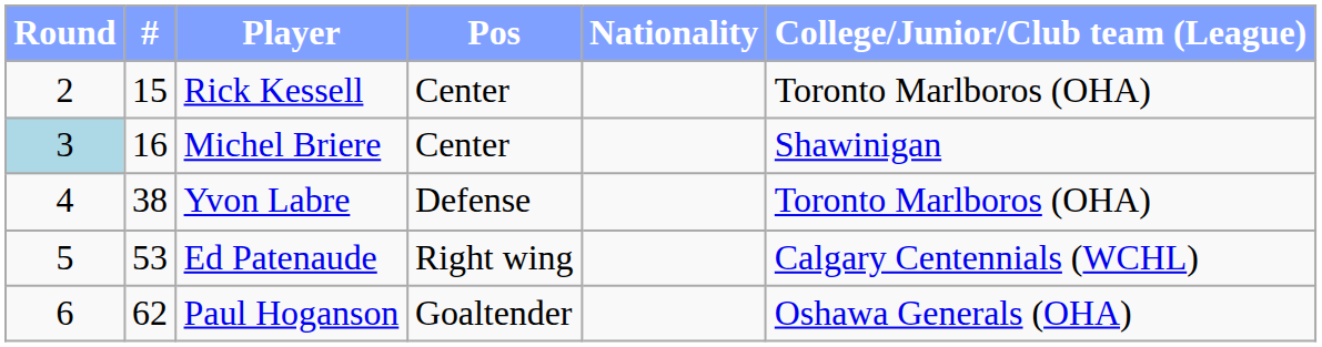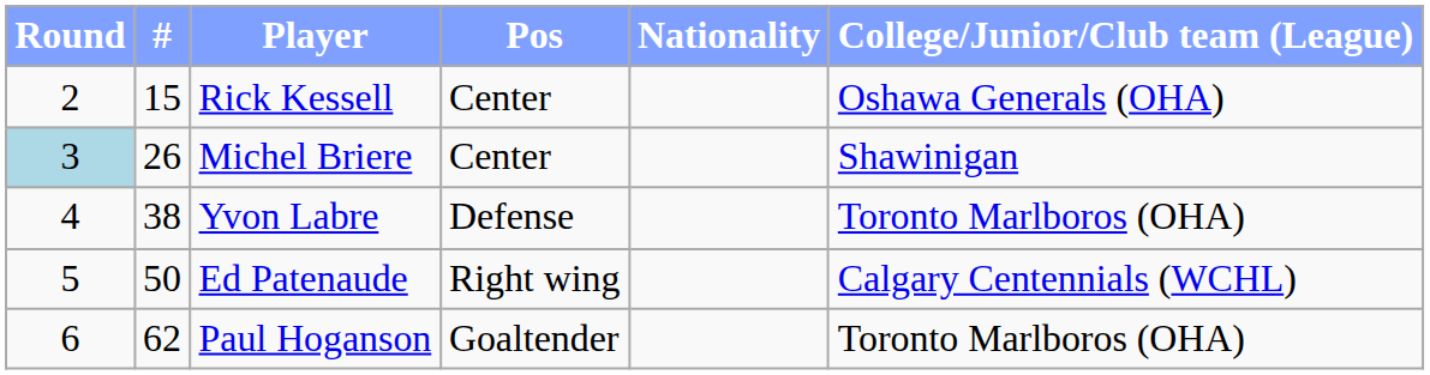 <table class="wikitable">
 <tr>
 <th style="color:white; background:#80A0FF; ">Round</th>
 <th style="color:white; background:#80A0FF; ">#</th>
 <th style="color:white; background:#80A0FF; ">Player</th>
 <th style="color:white; background:#80A0FF; ">Pos</th>
 <th style="color:white; background:#80A0FF; ">Nationality</th>
 <th style="color:white; background:#80A0FF; ">College/Junior/Club team (League)</th>
 </tr>
 <tr>
 <td style="text-align:center">2</td>
 <td style="text-align:center">15</td>
 <td><a href='#'>Rick Kessell</a></td>
 <td>Center</td>
 <td></td>
-<td>Toronto Marlboros (OHA)</td>
+<td><a href='#'>Oshawa Generals</a> (<a href='#'>OHA</a>)</td>
 </tr>
 <tr>
 <td style="background: lightblue; text-align:center">3</td>
-<td style="text-align:center">16</td>
+<td style="text-align:center">26</td>
 <td><a href='#'>Michel Briere</a></td>
 <td>Center</td>
 <td></td>
 <td><a href='#'>Shawinigan</a></td>
 </tr>
 <tr>
 <td style="text-align:center">4</td>
 <td style="text-align:center">38</td>
 <td><a href='#'>Yvon Labre</a></td>
 <td>Defense</td>
 <td></td>
 <td><a href='#'>Toronto Marlboros</a> (OHA)</td>
 </tr>
 <tr>
 <td style="text-align:center">5</td>
-<td style="text-align:center">53</td>
+<td style="text-align:center">50</td>
 <td><a href='#'>Ed Patenaude</a></td>
 <td>Right wing</td>
 <td></td>
 <td><a href='#'>Calgary Centennials</a> (<a href='#'>WCHL</a>)</td>
 </tr>
 <tr>
 <td style="text-align:center">6</td>
 <td style="text-align:center">62</td>
 <td><a href='#'>Paul Hoganson</a></td>
 <td>Goaltender</td>
 <td></td>
-<td><a href='#'>Oshawa Generals</a> (<a href='#'>OHA</a>)</td>
+<td>Toronto Marlboros (OHA)</td>
 </tr>
 </table>
